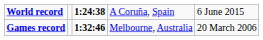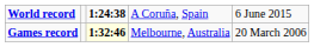 <table class="wikitable">
 <tr>
 <td><a href='#'><strong>World record</strong></a></td>
 <td></td>
 <td><strong>1:24:38</strong></td>
 <td><a href='#'>A Coruña</a>, <a href='#'>Spain</a></td>
 <td>6 June 2015</td>
 </tr>
 <tr>
 <td><a href='#'><strong>Games record</strong></a></td>
 <td></td>
-<td><strong>1:32:46</strong></td>
+<td style="background: lightyellow;"><strong>1:32:46</strong></td>
 <td><a href='#'>Melbourne</a>, <a href='#'>Australia</a></td>
 <td>20 March 2006</td>
 </tr>
 </table>
